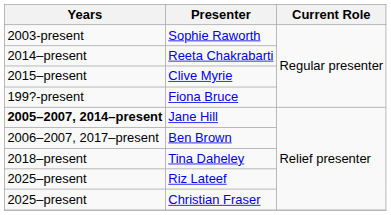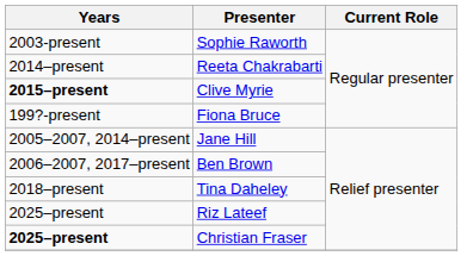 <table class="wikitable">
 <tr>
 <th>Years</th>
 <th>Presenter</th>
 <th>Current Role</th>
 </tr>
 <tr>
 <td>2003-present</td>
 <td><a href='#'>Sophie Raworth</a></td>
 <td rowspan="4">Regular presenter</td>
 </tr>
 <tr>
 <td>2014–present</td>
 <td><a href='#'>Reeta Chakrabarti</a></td>
 </tr>
 <tr>
-<td>2015–present</td>
+<td><strong>2015–present</strong></td>
 <td><a href='#'>Clive Myrie</a></td>
 </tr>
 <tr>
 <td>199?-present</td>
 <td><a href='#'>Fiona Bruce</a></td>
 </tr>
 <tr>
-<td><strong>2005–2007, 2014–present</strong></td>
+<td>2005–2007, 2014–present</td>
 <td><a href='#'>Jane Hill</a></td>
 <td rowspan="5">Relief presenter</td>
 </tr>
 <tr>
 <td>2006–2007, 2017–present</td>
 <td><a href='#'>Ben Brown</a></td>
 </tr>
 <tr>
 <td>2018–present</td>
 <td><a href='#'>Tina Daheley</a></td>
 </tr>
 <tr>
 <td>2025–present</td>
 <td><a href='#'>Riz Lateef</a></td>
 </tr>
 <tr>
-<td>2025–present</td>
+<td><strong>2025–present</strong></td>
 <td><a href='#'>Christian Fraser</a></td>
 </tr>
 <tr>
 </tr>
 </table>
